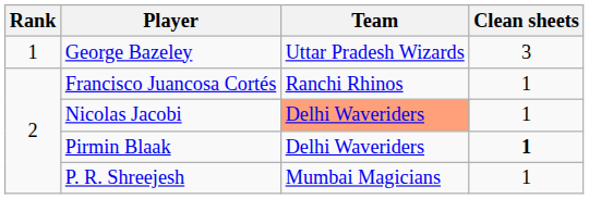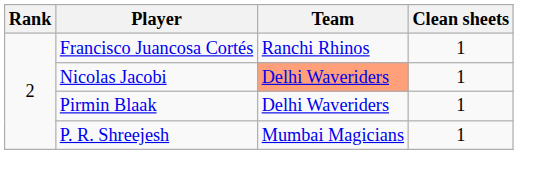 <table class="wikitable" style="text-align:center">
 <tr>
 <th>Rank</th>
 <th>Player</th>
 <th>Team</th>
 <th>Clean sheets</th>
-</tr>
-<tr>
-<td>1</td>
-<td align="left"><a href='#'>George Bazeley</a></td>
-<td align="left"><a href='#'>Uttar Pradesh Wizards</a></td>
-<td>3</td>
 </tr>
 <tr>
 <td rowspan="4">2</td>
 <td align="left"><a href='#'>Francisco Juancosa Cortés</a></td>
 <td align="left"><a href='#'>Ranchi Rhinos</a></td>
 <td>1</td>
 </tr>
 <tr>
 <td align="left"><a href='#'>Nicolas Jacobi</a></td>
 <td align="left" style="background: lightsalmon;"><a href='#'>Delhi Waveriders</a></td>
 <td>1</td>
 </tr>
 <tr>
 <td align="left"><a href='#'>Pirmin Blaak</a></td>
 <td align="left"><a href='#'>Delhi Waveriders</a></td>
-<td><strong>1</strong></td>
+<td>1</td>
 </tr>
 <tr>
 <td align="left"><a href='#'>P. R. Shreejesh</a></td>
 <td align="left"><a href='#'>Mumbai Magicians</a></td>
 <td>1</td>
 </tr>
 </table>
